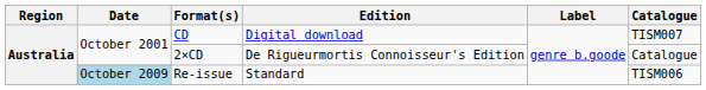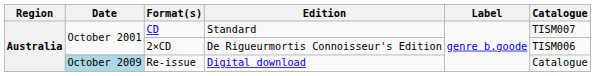 <table class="wikitable plainrowheaders">
 <tr>
 <th scope="col">Region</th>
 <th scope="col">Date</th>
 <th scope="col">Format(s)</th>
 <th scope="col">Edition</th>
 <th scope="col">Label</th>
 <th scope="col">Catalogue</th>
 </tr>
 <tr>
 <th scope="row" rowspan="3">Australia</th>
 <td rowspan="2">October 2001</td>
 <td><a href='#'>CD</a></td>
-<td><a href='#'>Digital download</a></td>
+<td>Standard</td>
 <td rowspan="3"><a href='#'>genre b.goode</a></td>
 <td Catalogue>TISM007</td>
 </tr>
 <tr>
 <td>2×CD</td>
 <td>De Rigueurmortis Connoisseur's Edition</td>
-<td>Catalogue </td>
+<td Catalogue>TISM006</td>
 </tr>
 <tr>
 <td style="background: lightblue;">October 2009</td>
 <td>Re-issue</td>
-<td>Standard</td>
-<td Catalogue>TISM006</td>
+<td><a href='#'>Digital download</a></td>
+<td>Catalogue </td>
 </tr>
 </table>
